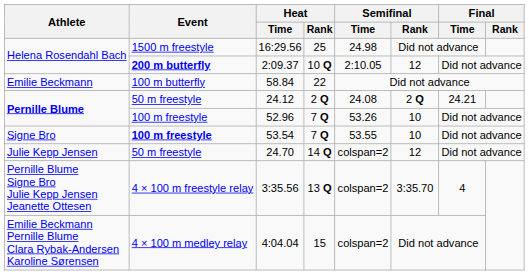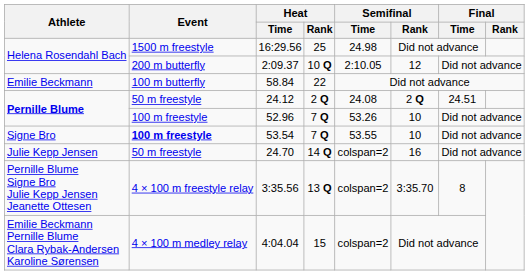 <table class=wikitable style="font-size:90%">
 <tr>
 <th rowspan="2">Athlete</th>
 <th rowspan="2">Event</th>
 <th colspan="2">Heat</th>
 <th colspan="2">Semifinal</th>
 <th colspan="2">Final</th>
 </tr>
 <tr style="font-size:95%">
 <th>Time</th>
 <th>Rank</th>
 <th>Time</th>
 <th>Rank</th>
 <th>Time</th>
 <th>Rank</th>
 </tr>
 <tr align=center>
 <td align=left rowspan=2><a href='#'>Helena Rosendahl Bach</a></td>
 <td align=left><a href='#'>1500 m freestyle</a></td>
 <td>16:29.56</td>
 <td>25</td>
 <td>24.98</td>
 <td colspan="2">Did not advance</td>
 </tr>
 <tr align=center>
-<td align=left><strong><a href='#'>200 m butterfly</a></strong></td>
+<td align=left><a href='#'>200 m butterfly</a></td>
 <td>2:09.37</td>
 <td>10 <strong>Q</strong></td>
 <td>2:10.05</td>
 <td>12</td>
 <td colspan="2">Did not advance</td>
 </tr>
 <tr align=center>
 <td align=left><a href='#'>Emilie Beckmann</a></td>
 <td align=left><a href='#'>100 m butterfly</a></td>
 <td>58.84</td>
 <td>22</td>
 <td colspan="4">Did not advance</td>
 </tr>
 <tr align=center>
 <td align=left rowspan=2><strong><a href='#'>Pernille Blume</a></strong></td>
 <td align=left><a href='#'>50 m freestyle</a></td>
 <td>24.12</td>
 <td>2 <strong>Q</strong></td>
 <td>24.08</td>
 <td>2 <strong>Q</strong></td>
-<td>24.21</td>
+<td>24.51</td>
 <td></td>
 </tr>
 <tr align=center>
 <td align=left><a href='#'>100 m freestyle</a></td>
 <td>52.96</td>
 <td>7 <strong>Q</strong></td>
 <td>53.26</td>
 <td>10</td>
 <td colspan="2">Did not advance</td>
 </tr>
 <tr align=center>
 <td align=left><a href='#'>Signe Bro</a></td>
 <td align=left><strong><a href='#'>100 m freestyle</a></strong></td>
 <td>53.54</td>
 <td>7 <strong>Q</strong></td>
 <td>53.55</td>
 <td>10</td>
 <td colspan="2">Did not advance</td>
 </tr>
 <tr align=center>
 <td align=left><a href='#'>Julie Kepp Jensen</a></td>
 <td align=left><a href='#'>50 m freestyle</a></td>
 <td>24.70</td>
 <td>14 <strong>Q</strong></td>
 <td>colspan=2 </td>
-<td>12</td>
+<td>16</td>
 <td colspan="2">Did not advance</td>
 </tr>
 <tr align=center>
 <td align=left><a href='#'>Pernille Blume</a><br><a href='#'>Signe Bro</a><br><a href='#'>Julie Kepp Jensen</a><br><a href='#'>Jeanette Ottesen</a></td>
 <td align=left><a href='#'>4 × 100 m freestyle relay</a></td>
 <td>3:35.56</td>
 <td>13 <strong>Q</strong></td>
 <td>colspan=2 </td>
 <td>3:35.70</td>
-<td>4</td>
+<td>8</td>
 </tr>
 <tr align=center>
 <td align=left><a href='#'>Emilie Beckmann</a><br><a href='#'>Pernille Blume</a><br><a href='#'>Clara Rybak-Andersen</a><br><a href='#'>Karoline Sørensen</a></td>
 <td align=left><a href='#'>4 × 100 m medley relay</a></td>
 <td>4:04.04</td>
 <td>15</td>
 <td>colspan=2 </td>
 <td colspan="2">Did not advance</td>
 </tr>
 </table>
